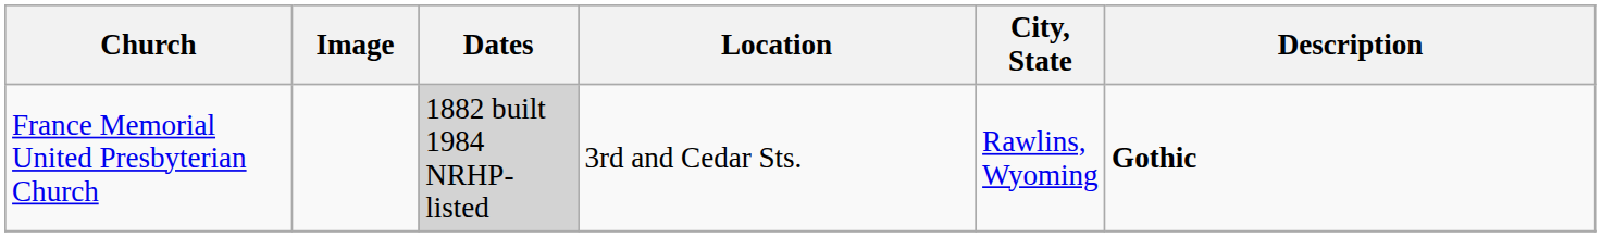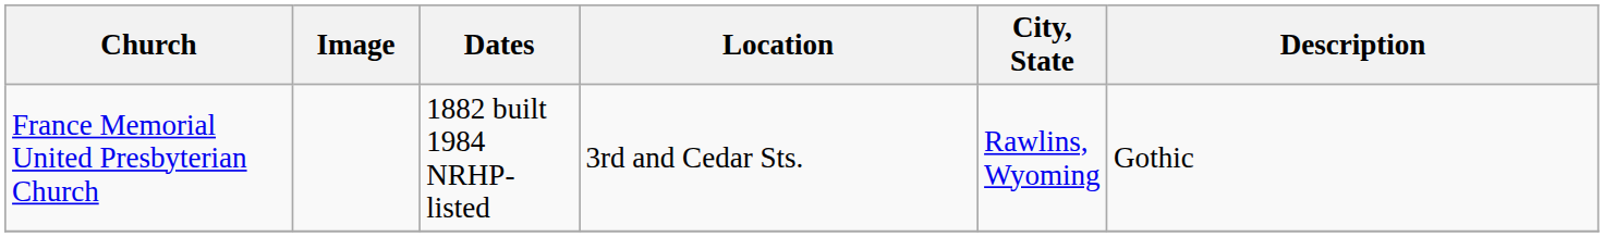 <table class="wikitable sortable" style="width:98%">
 <tr>
 <th width = 18%><strong>Church</strong></th>
 <th width = 8% class="unsortable"><strong>Image</strong></th>
 <th width = 10%><strong>Dates</strong></th>
 <th width = 25%><strong>Location</strong></th>
 <th width = 8%><strong>City, State</strong></th>
 <th class="unsortable"><strong>Description</strong></th>
 </tr>
 <tr>
 <td><a href='#'>France Memorial United Presbyterian Church</a></td>
 <td></td>
-<td style="background: lightgrey;">1882 built<br>1984 NRHP-listed</td>
+<td>1882 built<br>1984 NRHP-listed</td>
 <td>3rd and Cedar Sts.<br><small></small></td>
 <td><a href='#'>Rawlins, Wyoming</a></td>
-<td><strong>Gothic</strong></td>
+<td>Gothic</td>
 </tr>
 <tr>
 </tr>
 </table>
